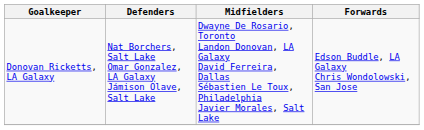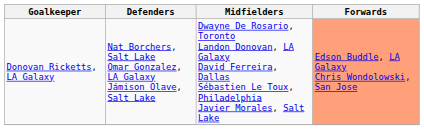 <table class="wikitable">
 <tr style="background:#cccccc;">
 <th>Goalkeeper</th>
 <th>Defenders</th>
 <th>Midfielders</th>
 <th>Forwards</th>
 </tr>
 <tr>
 <td> <a href='#'>Donovan Ricketts</a>, <a href='#'>LA Galaxy</a></td>
 <td> <a href='#'>Nat Borchers</a>, <a href='#'>Salt Lake</a><br> <a href='#'>Omar Gonzalez</a>, <a href='#'>LA Galaxy</a><br> <a href='#'>Jámison Olave</a>, <a href='#'>Salt Lake</a></td>
 <td> <a href='#'>Dwayne De Rosario</a>, <a href='#'>Toronto</a> <br> <a href='#'>Landon Donovan</a>, <a href='#'>LA Galaxy</a> <br> <a href='#'>David Ferreira</a>, <a href='#'>Dallas</a><br> <a href='#'>Sébastien Le Toux</a>, <a href='#'>Philadelphia</a><br> <a href='#'>Javier Morales</a>, <a href='#'>Salt Lake</a></td>
-<td> <a href='#'>Edson Buddle</a>, <a href='#'>LA Galaxy</a><br> <a href='#'>Chris Wondolowski</a>, <a href='#'>San Jose</a></td>
+<td style="background: lightsalmon;"> <a href='#'>Edson Buddle</a>, <a href='#'>LA Galaxy</a><br> <a href='#'>Chris Wondolowski</a>, <a href='#'>San Jose</a></td>
 </tr>
 <tr style="background:#f4f4f4;">
 </tr>
 </table>
